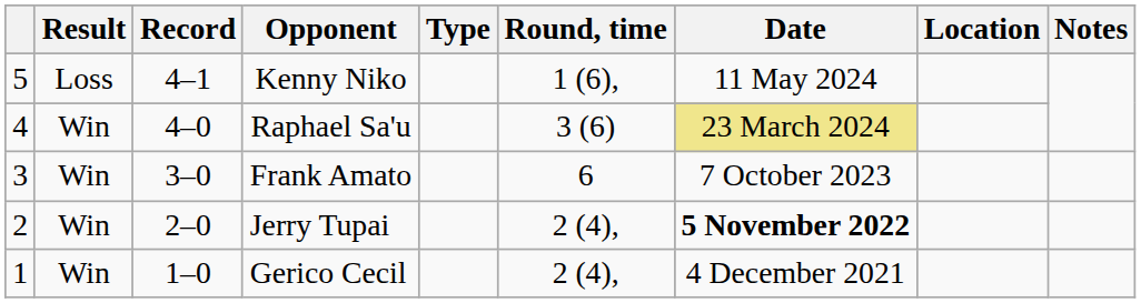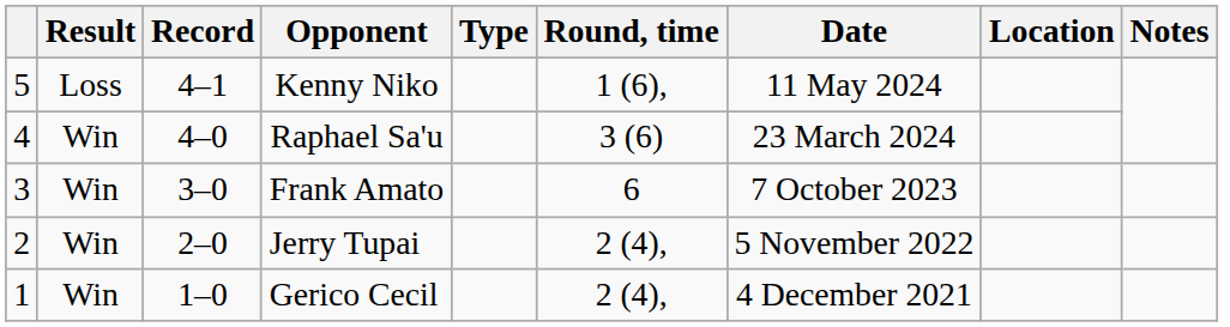 <table class="wikitable" style="text-align:center">
 <tr>
 <th></th>
 <th>Result</th>
 <th>Record</th>
 <th>Opponent</th>
 <th>Type</th>
 <th>Round, time</th>
 <th>Date</th>
 <th>Location</th>
 <th>Notes</th>
 </tr>
 <tr>
 <td>5</td>
 <td>Loss</td>
 <td>4–1</td>
 <td>Kenny Niko</td>
 <td></td>
 <td>1 (6), </td>
 <td>11 May 2024</td>
 <td style="text-align:left;"></td>
 </tr>
 <tr>
 <td>4</td>
 <td>Win</td>
 <td>4–0</td>
 <td>Raphael Sa'u</td>
 <td></td>
 <td>3 (6)</td>
-<td style="background: khaki;">23 March 2024</td>
+<td>23 March 2024</td>
 <td style="text-align:left;"></td>
 </tr>
 <tr>
 <td>3</td>
 <td>Win</td>
 <td>3–0</td>
 <td style="text-align:left;">Frank Amato</td>
 <td></td>
 <td>6</td>
 <td>7 October 2023</td>
 <td style="text-align:left;"></td>
 <td></td>
 </tr>
 <tr>
 <td>2</td>
 <td>Win</td>
 <td>2–0</td>
 <td style="text-align:left;">Jerry Tupai</td>
 <td></td>
 <td>2 (4), </td>
-<td><strong>5 November 2022</strong></td>
+<td>5 November 2022</td>
 <td style="text-align:left;"></td>
 <td></td>
 </tr>
 <tr>
 <td>1</td>
 <td>Win</td>
 <td>1–0</td>
 <td style="text-align:left;">Gerico Cecil</td>
 <td></td>
 <td>2 (4), </td>
 <td>4 December 2021</td>
 <td style="text-align:left;"></td>
 <td></td>
 </tr>
 </table>
